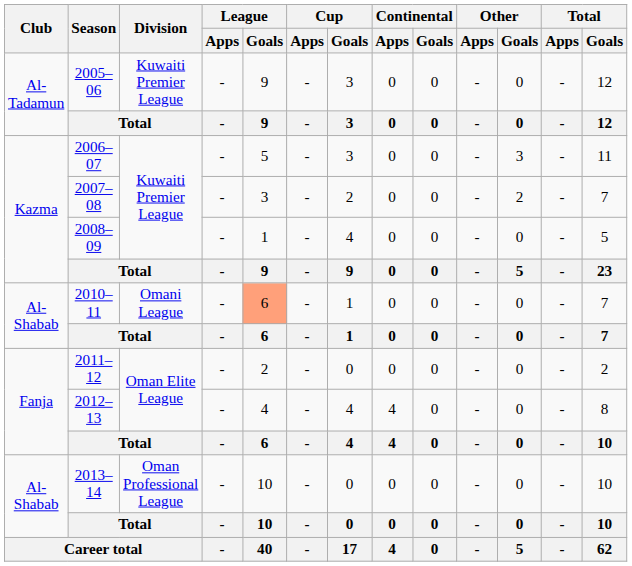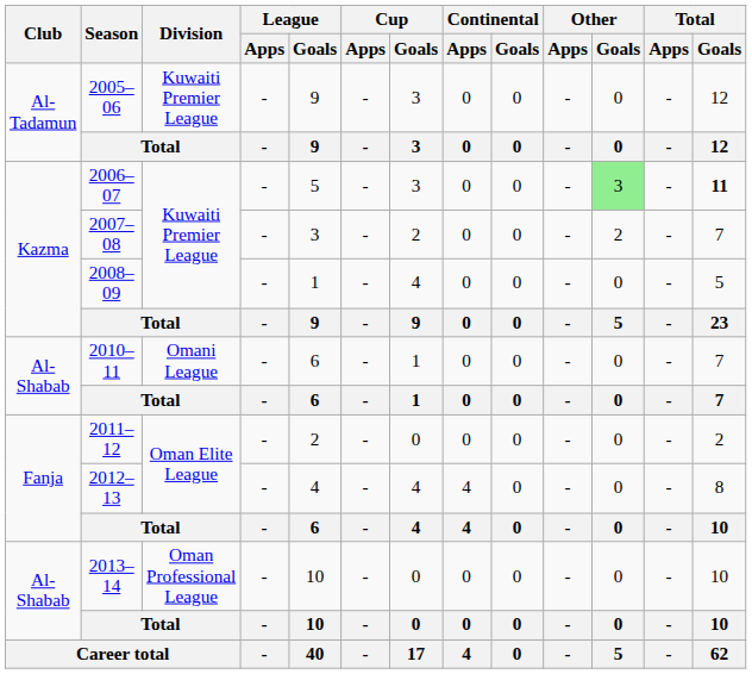 <table class="wikitable" style="text-align: center;">
 <tr>
 <th rowspan="2">Club</th>
 <th rowspan="2">Season</th>
 <th rowspan="2">Division</th>
 <th colspan="2">League</th>
 <th colspan="2">Cup</th>
 <th colspan="2">Continental</th>
 <th colspan="2">Other</th>
 <th colspan="2">Total</th>
 </tr>
 <tr>
 <th>Apps</th>
 <th>Goals</th>
 <th>Apps</th>
 <th>Goals</th>
 <th>Apps</th>
 <th>Goals</th>
 <th>Apps</th>
 <th>Goals</th>
 <th>Apps</th>
 <th>Goals</th>
 </tr>
 <tr>
 <td rowspan="2"><a href='#'>Al-Tadamun</a></td>
 <td><a href='#'>2005–06</a></td>
 <td rowspan="1"><a href='#'>Kuwaiti Premier League</a></td>
 <td>-</td>
 <td>9</td>
 <td>-</td>
 <td>3</td>
 <td>0</td>
 <td>0</td>
 <td>-</td>
 <td>0</td>
 <td>-</td>
 <td>12</td>
 </tr>
 <tr>
 <th colspan="2">Total</th>
 <th>-</th>
 <th>9</th>
 <th>-</th>
 <th>3</th>
 <th>0</th>
 <th>0</th>
 <th>-</th>
 <th>0</th>
 <th>-</th>
 <th>12</th>
 </tr>
 <tr>
 <td rowspan="4"><a href='#'>Kazma</a></td>
 <td><a href='#'>2006–07</a></td>
 <td rowspan="3"><a href='#'>Kuwaiti Premier League</a></td>
 <td>-</td>
 <td>5</td>
 <td>-</td>
 <td>3</td>
 <td>0</td>
 <td>0</td>
 <td>-</td>
-<td>3</td>
+<td style="background: lightgreen;">3</td>
 <td>-</td>
-<td>11</td>
+<td><strong>11</strong></td>
 </tr>
 <tr>
 <td><a href='#'>2007–08</a></td>
 <td>-</td>
 <td>3</td>
 <td>-</td>
 <td>2</td>
 <td>0</td>
 <td>0</td>
 <td>-</td>
 <td>2</td>
 <td>-</td>
 <td>7</td>
 </tr>
 <tr>
 <td><a href='#'>2008–09</a></td>
 <td>-</td>
 <td>1</td>
 <td>-</td>
 <td>4</td>
 <td>0</td>
 <td>0</td>
 <td>-</td>
 <td>0</td>
 <td>-</td>
 <td>5</td>
 </tr>
 <tr>
 <th colspan="2">Total</th>
 <th>-</th>
 <th>9</th>
 <th>-</th>
 <th>9</th>
 <th>0</th>
 <th>0</th>
 <th>-</th>
 <th>5</th>
 <th>-</th>
 <th>23</th>
 </tr>
 <tr>
 <td rowspan="2"><a href='#'>Al-Shabab</a></td>
 <td><a href='#'>2010–11</a></td>
 <td rowspan="1"><a href='#'>Omani League</a></td>
 <td>-</td>
-<td style="background: lightsalmon;">6</td>
+<td>6</td>
 <td>-</td>
 <td>1</td>
 <td>0</td>
 <td>0</td>
 <td>-</td>
 <td>0</td>
 <td>-</td>
 <td>7</td>
 </tr>
 <tr>
 <th colspan="2">Total</th>
 <th>-</th>
 <th>6</th>
 <th>-</th>
 <th>1</th>
 <th>0</th>
 <th>0</th>
 <th>-</th>
 <th>0</th>
 <th>-</th>
 <th>7</th>
 </tr>
 <tr>
 <td rowspan="3"><a href='#'>Fanja</a></td>
 <td><a href='#'>2011–12</a></td>
 <td rowspan="2"><a href='#'>Oman Elite League</a></td>
 <td>-</td>
 <td>2</td>
 <td>-</td>
 <td>0</td>
 <td>0</td>
 <td>0</td>
 <td>-</td>
 <td>0</td>
 <td>-</td>
 <td>2</td>
 </tr>
 <tr>
 <td><a href='#'>2012–13</a></td>
 <td>-</td>
 <td>4</td>
 <td>-</td>
 <td>4</td>
 <td>4</td>
 <td>0</td>
 <td>-</td>
 <td>0</td>
 <td>-</td>
 <td>8</td>
 </tr>
 <tr>
 <th colspan="2">Total</th>
 <th>-</th>
 <th>6</th>
 <th>-</th>
 <th>4</th>
 <th>4</th>
 <th>0</th>
 <th>-</th>
 <th>0</th>
 <th>-</th>
 <th>10</th>
 </tr>
 <tr>
 <td rowspan="2"><a href='#'>Al-Shabab</a></td>
 <td><a href='#'>2013–14</a></td>
 <td rowspan="1"><a href='#'>Oman Professional League</a></td>
 <td>-</td>
 <td>10</td>
 <td>-</td>
 <td>0</td>
 <td>0</td>
 <td>0</td>
 <td>-</td>
 <td>0</td>
 <td>-</td>
 <td>10</td>
 </tr>
 <tr>
 <th colspan="2">Total</th>
 <th>-</th>
 <th>10</th>
 <th>-</th>
 <th>0</th>
 <th>0</th>
 <th>0</th>
 <th>-</th>
 <th>0</th>
 <th>-</th>
 <th>10</th>
 </tr>
 <tr>
 <th colspan="3">Career total</th>
 <th>-</th>
 <th>40</th>
 <th>-</th>
 <th>17</th>
 <th>4</th>
 <th>0</th>
 <th>-</th>
 <th>5</th>
 <th>-</th>
 <th>62</th>
 </tr>
 </table>
